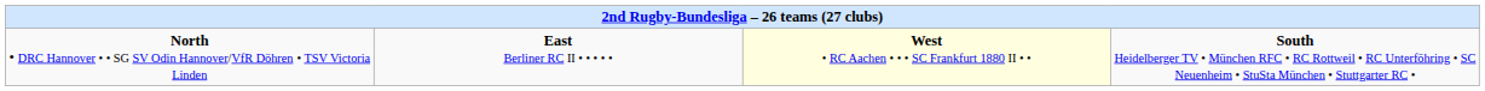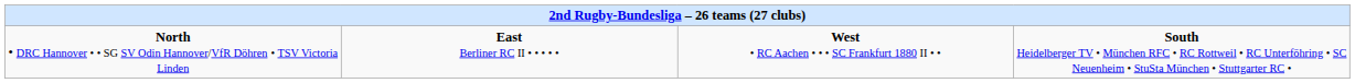 <table class="wikitable" style="border-collapse:collapse; text-align:center; width:100%;">
 <tr>
 <th style="width:95%; background: #D0E6FF;" colspan="4"><strong><a href='#'>2nd Rugby-Bundesliga</a> – 26 teams (27 clubs)</strong></th>
 </tr>
 <tr>
 <td style="width:19%; vertical-align: top;" colspan="1"><strong>North</strong><br><small></small> • <small><a href='#'>DRC Hannover</a> •  • SG <a href='#'>SV Odin Hannover</a>/<a href='#'>VfR Döhren</a></small> <small>• <a href='#'>TSV Victoria Linden</a></small></td>
 <td style="width:19%; vertical-align: top;" colspan="1"><strong>East</strong><br><small><a href='#'>Berliner RC</a> II •  •  •  • </small> <small>• </small></td>
-<td style="background: lightyellow; width:19%; vertical-align: top;" colspan="1"><strong>West</strong><br><small> • <a href='#'>RC Aachen</a> •  •  • <a href='#'>SC Frankfurt 1880</a> II • </small> <small>• </small></td>
+<td style="width:19%; vertical-align: top;" colspan="1"><strong>West</strong><br><small> • <a href='#'>RC Aachen</a> •  •  • <a href='#'>SC Frankfurt 1880</a> II • </small> <small>• </small></td>
 <td style="width:19%; vertical-align: top;" colspan="1"><strong>South</strong><br><small><a href='#'>Heidelberger TV</a> • <a href='#'>München RFC</a> • <a href='#'>RC Rottweil</a> • <a href='#'>RC Unterföhring</a> • <a href='#'>SC Neuenheim</a> • <a href='#'>StuSta München</a> • <a href='#'>Stuttgarter RC</a> • </small></td>
 </tr>
 </table>
